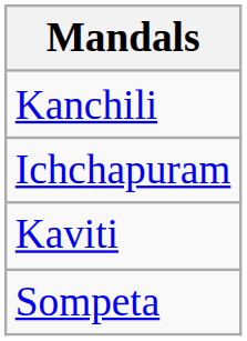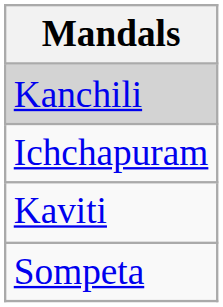 <table class="wikitable sortable static-row-numbers static-row-header-hash">
 <tr>
 <th>Mandals</th>
 </tr>
 <tr>
-<td><a href='#'>Kanchili</a></td>
+<td style="background: lightgrey;"><a href='#'>Kanchili</a></td>
 </tr>
 <tr>
 <td><a href='#'>Ichchapuram</a></td>
 </tr>
 <tr>
 <td><a href='#'>Kaviti</a></td>
 </tr>
 <tr>
 <td><a href='#'>Sompeta</a></td>
 </tr>
 </table>
